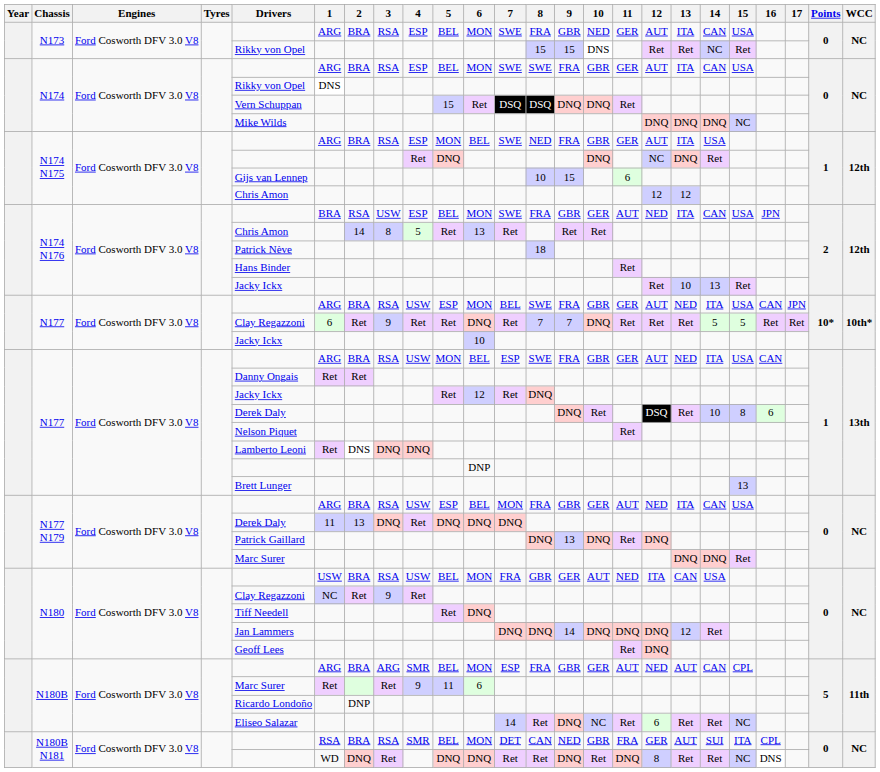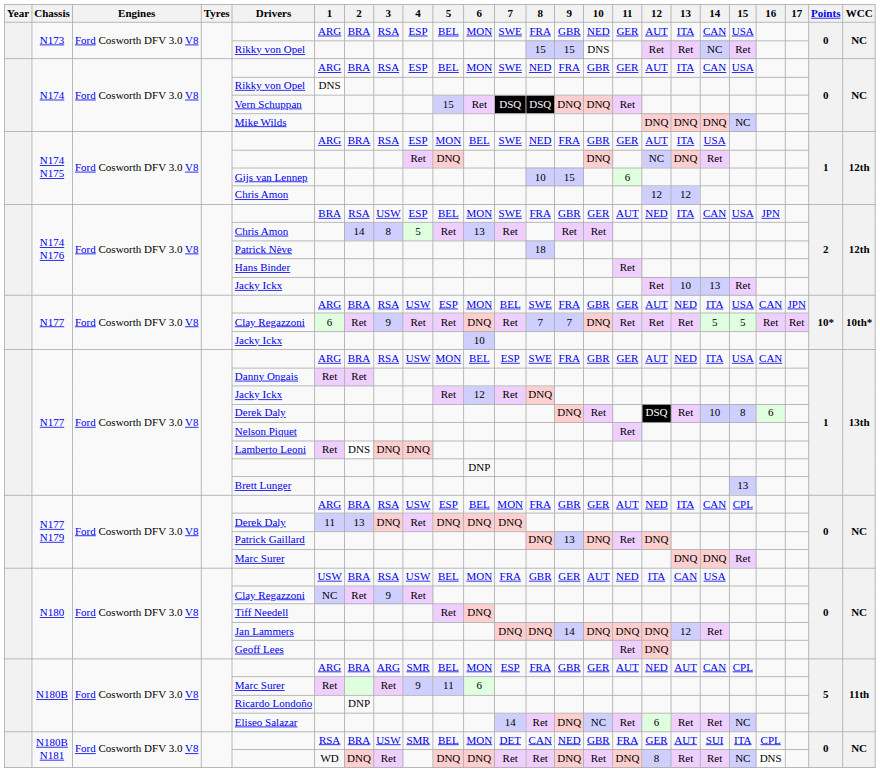 <table class="wikitable" style="text-align:center; font-size:85%">
 <tr>
 <th>Year</th>
 <th>Chassis</th>
 <th>Engines</th>
 <th>Tyres</th>
 <th>Drivers</th>
 <th>1</th>
 <th>2</th>
 <th>3</th>
 <th>4</th>
 <th>5</th>
 <th>6</th>
 <th>7</th>
 <th>8</th>
 <th>9</th>
 <th>10</th>
 <th>11</th>
 <th>12</th>
 <th>13</th>
 <th>14</th>
 <th>15</th>
 <th>16</th>
 <th>17</th>
 <th><a href='#'>Points</a></th>
 <th>WCC</th>
 </tr>
 <tr>
 <th rowspan="2"></th>
 <td rowspan="2"><a href='#'>N173</a></td>
 <td rowspan="2"><a href='#'>Ford</a> Cosworth DFV 3.0 <a href='#'>V8</a></td>
 <td rowspan="2"></td>
 <td></td>
 <td><a href='#'>ARG</a></td>
 <td><a href='#'>BRA</a></td>
 <td><a href='#'>RSA</a></td>
 <td><a href='#'>ESP</a></td>
 <td><a href='#'>BEL</a></td>
 <td><a href='#'>MON</a></td>
 <td><a href='#'>SWE</a></td>
 <td><a href='#'>FRA</a></td>
 <td><a href='#'>GBR</a></td>
 <td><a href='#'>NED</a></td>
 <td><a href='#'>GER</a></td>
 <td><a href='#'>AUT</a></td>
 <td><a href='#'>ITA</a></td>
 <td><a href='#'>CAN</a></td>
 <td><a href='#'>USA</a></td>
 <td></td>
 <td></td>
 <th rowspan="2">0</th>
 <th rowspan="2">NC</th>
 </tr>
 <tr>
 <td align="left"> <a href='#'>Rikky von Opel</a></td>
 <td></td>
 <td></td>
 <td></td>
 <td></td>
 <td></td>
 <td></td>
 <td></td>
 <td style="background:#CFCFFF;">15</td>
 <td style="background:#CFCFFF;">15</td>
 <td style="background:#ffffff;">DNS</td>
 <td></td>
 <td style="background:#EFCFFF;">Ret</td>
 <td style="background:#EFCFFF;">Ret</td>
 <td style="background:#CFCFFF;">NC</td>
 <td style="background:#EFCFFF;">Ret</td>
 <td></td>
 <td></td>
 </tr>
 <tr>
 <th rowspan="4"></th>
 <td rowspan="4"><a href='#'>N174</a></td>
 <td rowspan="4"><a href='#'>Ford</a> Cosworth DFV 3.0 <a href='#'>V8</a></td>
 <td rowspan="4"></td>
 <td></td>
 <td><a href='#'>ARG</a></td>
 <td><a href='#'>BRA</a></td>
 <td><a href='#'>RSA</a></td>
 <td><a href='#'>ESP</a></td>
 <td><a href='#'>BEL</a></td>
 <td><a href='#'>MON</a></td>
 <td><a href='#'>SWE</a></td>
-<td><a href='#'>SWE</a></td>
+<td><a href='#'>NED</a></td>
 <td><a href='#'>FRA</a></td>
 <td><a href='#'>GBR</a></td>
 <td><a href='#'>GER</a></td>
 <td><a href='#'>AUT</a></td>
 <td><a href='#'>ITA</a></td>
 <td><a href='#'>CAN</a></td>
 <td><a href='#'>USA</a></td>
 <td></td>
 <td></td>
 <th rowspan="4">0</th>
 <th rowspan="4">NC</th>
 </tr>
 <tr>
 <td align="left"> <a href='#'>Rikky von Opel</a></td>
 <td style="background:#ffffff;">DNS</td>
 <td></td>
 <td></td>
 <td></td>
 <td></td>
 <td></td>
 <td></td>
 <td></td>
 <td></td>
 <td></td>
 <td></td>
 <td></td>
 <td></td>
 <td></td>
 <td></td>
 <td></td>
 <td></td>
 </tr>
 <tr>
 <td align="left"> <a href='#'>Vern Schuppan</a></td>
 <td></td>
 <td></td>
 <td></td>
 <td></td>
 <td style="background:#CFCFFF;">15</td>
 <td style="background:#EFCFFF;">Ret</td>
 <td style="background:#000000; color:white">DSQ</td>
 <td style="background:#000000; color:white">DSQ</td>
 <td style="background:#FFCFCF;">DNQ</td>
 <td style="background:#FFCFCF;">DNQ</td>
 <td style="background:#EFCFFF;">Ret</td>
 <td></td>
 <td></td>
 <td></td>
 <td></td>
 <td></td>
 <td></td>
 </tr>
 <tr>
 <td align="left"> <a href='#'>Mike Wilds</a></td>
 <td></td>
 <td></td>
 <td></td>
 <td></td>
 <td></td>
 <td></td>
 <td></td>
 <td></td>
 <td></td>
 <td></td>
 <td></td>
 <td style="background:#FFCFCF;">DNQ</td>
 <td style="background:#FFCFCF;">DNQ</td>
 <td style="background:#FFCFCF;">DNQ</td>
 <td style="background:#CFCFFF;">NC</td>
 <td></td>
 <td></td>
 </tr>
 <tr>
 <th rowspan="4"></th>
 <td rowspan="4"><a href='#'>N174</a><br><a href='#'>N175</a></td>
 <td rowspan="4"><a href='#'>Ford</a> Cosworth DFV 3.0 <a href='#'>V8</a></td>
 <td rowspan="4"></td>
 <td></td>
 <td><a href='#'>ARG</a></td>
 <td><a href='#'>BRA</a></td>
 <td><a href='#'>RSA</a></td>
 <td><a href='#'>ESP</a></td>
 <td><a href='#'>MON</a></td>
 <td><a href='#'>BEL</a></td>
 <td><a href='#'>SWE</a></td>
 <td><a href='#'>NED</a></td>
 <td><a href='#'>FRA</a></td>
 <td><a href='#'>GBR</a></td>
 <td><a href='#'>GER</a></td>
 <td><a href='#'>AUT</a></td>
 <td><a href='#'>ITA</a></td>
 <td><a href='#'>USA</a></td>
 <td></td>
 <td></td>
 <td></td>
 <th rowspan="4">1</th>
 <th rowspan="4">12th</th>
 </tr>
 <tr>
 <td align="left"></td>
 <td></td>
 <td></td>
 <td></td>
 <td style="background:#EFCFFF;">Ret</td>
 <td style="background:#FFCFCF;">DNQ</td>
 <td></td>
 <td></td>
 <td></td>
 <td></td>
 <td style="background:#FFCFCF;">DNQ</td>
 <td></td>
 <td style="background:#CFCFFF;">NC</td>
 <td style="background:#FFCFCF;">DNQ</td>
 <td style="background:#EFCFFF;">Ret</td>
 <td></td>
 <td></td>
 <td></td>
 </tr>
 <tr>
 <td align="left"> <a href='#'>Gijs van Lennep</a></td>
 <td></td>
 <td></td>
 <td></td>
 <td></td>
 <td></td>
 <td></td>
 <td></td>
 <td style="background:#CFCFFF;">10</td>
 <td style="background:#CFCFFF;">15</td>
 <td></td>
 <td style="background:#DFFFDF;">6</td>
 <td></td>
 <td></td>
 <td></td>
 <td></td>
 <td></td>
 <td></td>
 </tr>
 <tr>
 <td align="left"> <a href='#'>Chris Amon</a></td>
 <td></td>
 <td></td>
 <td></td>
 <td></td>
 <td></td>
 <td></td>
 <td></td>
 <td></td>
 <td></td>
 <td></td>
 <td></td>
 <td style="background:#CFCFFF;">12</td>
 <td style="background:#CFCFFF;">12</td>
 <td></td>
 <td></td>
 <td></td>
 <td></td>
 </tr>
 <tr>
 <th rowspan="5"></th>
 <td rowspan="5"><a href='#'>N174</a><br><a href='#'>N176</a></td>
 <td rowspan="5"><a href='#'>Ford</a> Cosworth DFV 3.0 <a href='#'>V8</a></td>
 <td rowspan="5"></td>
 <td></td>
 <td><a href='#'>BRA</a></td>
 <td><a href='#'>RSA</a></td>
 <td><a href='#'>USW</a></td>
 <td><a href='#'>ESP</a></td>
 <td><a href='#'>BEL</a></td>
 <td><a href='#'>MON</a></td>
 <td><a href='#'>SWE</a></td>
 <td><a href='#'>FRA</a></td>
 <td><a href='#'>GBR</a></td>
 <td><a href='#'>GER</a></td>
 <td><a href='#'>AUT</a></td>
 <td><a href='#'>NED</a></td>
 <td><a href='#'>ITA</a></td>
 <td><a href='#'>CAN</a></td>
 <td><a href='#'>USA</a></td>
 <td><a href='#'>JPN</a></td>
 <td></td>
 <th rowspan="5">2</th>
 <th rowspan="5">12th</th>
 </tr>
 <tr>
 <td align="left"> <a href='#'>Chris Amon</a></td>
 <td></td>
 <td style="background:#CFCFFF;">14</td>
 <td style="background:#CFCFFF;">8</td>
 <td style="background:#DFFFDF;">5</td>
 <td style="background:#EFCFFF;">Ret</td>
 <td style="background:#CFCFFF;">13</td>
 <td style="background:#EFCFFF;">Ret</td>
 <td></td>
 <td style="background:#EFCFFF;">Ret</td>
 <td style="background:#EFCFFF;">Ret</td>
 <td></td>
 <td></td>
 <td></td>
 <td></td>
 <td></td>
 <td></td>
 <td></td>
 </tr>
 <tr>
 <td align="left"> <a href='#'>Patrick Nève</a></td>
 <td></td>
 <td></td>
 <td></td>
 <td></td>
 <td></td>
 <td></td>
 <td></td>
 <td style="background:#CFCFFF;">18</td>
 <td></td>
 <td></td>
 <td></td>
 <td></td>
 <td></td>
 <td></td>
 <td></td>
 <td></td>
 <td></td>
 </tr>
 <tr>
 <td align="left"> <a href='#'>Hans Binder</a></td>
 <td></td>
 <td></td>
 <td></td>
 <td></td>
 <td></td>
 <td></td>
 <td></td>
 <td></td>
 <td></td>
 <td></td>
 <td style="background:#EFCFFF;">Ret</td>
 <td></td>
 <td></td>
 <td></td>
 <td></td>
 <td></td>
 <td></td>
 </tr>
 <tr>
 <td align="left"> <a href='#'>Jacky Ickx</a></td>
 <td></td>
 <td></td>
 <td></td>
 <td></td>
 <td></td>
 <td></td>
 <td></td>
 <td></td>
 <td></td>
 <td></td>
 <td></td>
 <td style="background:#EFCFFF;">Ret</td>
 <td style="background:#CFCFFF;">10</td>
 <td style="background:#CFCFFF;">13</td>
 <td style="background:#EFCFFF;">Ret</td>
 <td></td>
 <td></td>
 </tr>
 <tr>
 <th rowspan="3"></th>
 <td rowspan="3"><a href='#'>N177</a></td>
 <td rowspan="3"><a href='#'>Ford</a> Cosworth DFV 3.0 <a href='#'>V8</a></td>
 <td rowspan="3"></td>
 <td></td>
 <td><a href='#'>ARG</a></td>
 <td><a href='#'>BRA</a></td>
 <td><a href='#'>RSA</a></td>
 <td><a href='#'>USW</a></td>
 <td><a href='#'>ESP</a></td>
 <td><a href='#'>MON</a></td>
 <td><a href='#'>BEL</a></td>
 <td><a href='#'>SWE</a></td>
 <td><a href='#'>FRA</a></td>
 <td><a href='#'>GBR</a></td>
 <td><a href='#'>GER</a></td>
 <td><a href='#'>AUT</a></td>
 <td><a href='#'>NED</a></td>
 <td><a href='#'>ITA</a></td>
 <td><a href='#'>USA</a></td>
 <td><a href='#'>CAN</a></td>
 <td><a href='#'>JPN</a></td>
 <th rowspan="3">10*</th>
 <th rowspan="3">10th*</th>
 </tr>
 <tr>
 <td align="left"> <a href='#'>Clay Regazzoni</a></td>
 <td style="background:#DFFFDF;">6</td>
 <td style="background:#EFCFFF;">Ret</td>
 <td style="background:#CFCFFF;">9</td>
 <td style="background:#EFCFFF;">Ret</td>
 <td style="background:#EFCFFF;">Ret</td>
 <td style="background:#FFCFCF;">DNQ</td>
 <td style="background:#EFCFFF;">Ret</td>
 <td style="background:#CFCFFF;">7</td>
 <td style="background:#CFCFFF;">7</td>
 <td style="background:#FFCFCF;">DNQ</td>
 <td style="background:#EFCFFF;">Ret</td>
 <td style="background:#EFCFFF;">Ret</td>
 <td style="background:#EFCFFF;">Ret</td>
 <td style="background:#DFFFDF;">5</td>
 <td style="background:#DFFFDF;">5</td>
 <td style="background:#EFCFFF;">Ret</td>
 <td style="background:#EFCFFF;">Ret</td>
 </tr>
 <tr>
 <td align="left"> <a href='#'>Jacky Ickx</a></td>
 <td></td>
 <td></td>
 <td></td>
 <td></td>
 <td></td>
 <td style="background:#CFCFFF;">10</td>
 <td></td>
 <td></td>
 <td></td>
 <td></td>
 <td></td>
 <td></td>
 <td></td>
 <td></td>
 <td></td>
 <td></td>
 <td></td>
 </tr>
 <tr>
 <th rowspan="8"></th>
 <td rowspan="8"><a href='#'>N177</a></td>
 <td rowspan="8"><a href='#'>Ford</a> Cosworth DFV 3.0 <a href='#'>V8</a></td>
 <td rowspan="8"></td>
 <td></td>
 <td><a href='#'>ARG</a></td>
 <td><a href='#'>BRA</a></td>
 <td><a href='#'>RSA</a></td>
 <td><a href='#'>USW</a></td>
 <td><a href='#'>MON</a></td>
 <td><a href='#'>BEL</a></td>
 <td><a href='#'>ESP</a></td>
 <td><a href='#'>SWE</a></td>
 <td><a href='#'>FRA</a></td>
 <td><a href='#'>GBR</a></td>
 <td><a href='#'>GER</a></td>
 <td><a href='#'>AUT</a></td>
 <td><a href='#'>NED</a></td>
 <td><a href='#'>ITA</a></td>
 <td><a href='#'>USA</a></td>
 <td><a href='#'>CAN</a></td>
 <td></td>
 <th rowspan="8">1</th>
 <th rowspan="8">13th</th>
 </tr>
 <tr>
 <td align="left"> <a href='#'>Danny Ongais</a></td>
 <td style="background:#EFCFFF;">Ret</td>
 <td style="background:#EFCFFF;">Ret</td>
 <td></td>
 <td></td>
 <td></td>
 <td></td>
 <td></td>
 <td></td>
 <td></td>
 <td></td>
 <td></td>
 <td></td>
 <td></td>
 <td></td>
 <td></td>
 <td></td>
 <td></td>
 </tr>
 <tr>
 <td align="left"> <a href='#'>Jacky Ickx</a></td>
 <td></td>
 <td></td>
 <td></td>
 <td></td>
 <td style="background:#EFCFFF;">Ret</td>
 <td style="background:#CFCFFF;">12</td>
 <td style="background:#EFCFFF;">Ret</td>
 <td style="background:#FFCFCF;">DNQ</td>
 <td></td>
 <td></td>
 <td></td>
 <td></td>
 <td></td>
 <td></td>
 <td></td>
 <td></td>
 <td></td>
 </tr>
 <tr>
 <td align="left"> <a href='#'>Derek Daly</a></td>
 <td></td>
 <td></td>
 <td></td>
 <td></td>
 <td></td>
 <td></td>
 <td></td>
 <td></td>
 <td style="background:#FFCFCF;">DNQ</td>
 <td style="background:#EFCFFF;">Ret</td>
 <td></td>
 <td style="background:#000000; color:white">DSQ</td>
 <td style="background:#EFCFFF;">Ret</td>
 <td style="background:#CFCFFF;">10</td>
 <td style="background:#CFCFFF;">8</td>
 <td style="background:#DFFFDF;">6</td>
 <td></td>
 </tr>
 <tr>
 <td align="left"> <a href='#'>Nelson Piquet</a></td>
 <td></td>
 <td></td>
 <td></td>
 <td></td>
 <td></td>
 <td></td>
 <td></td>
 <td></td>
 <td></td>
 <td></td>
 <td style="background:#EFCFFF;">Ret</td>
 <td></td>
 <td></td>
 <td></td>
 <td></td>
 <td></td>
 <td></td>
 </tr>
 <tr>
 <td align="left"> <a href='#'>Lamberto Leoni</a></td>
 <td style="background:#EFCFFF;">Ret</td>
 <td style="background:#ffffff;">DNS</td>
 <td style="background:#FFCFCF;">DNQ</td>
 <td style="background:#FFCFCF;">DNQ</td>
 <td></td>
 <td></td>
 <td></td>
 <td></td>
 <td></td>
 <td></td>
 <td></td>
 <td></td>
 <td></td>
 <td></td>
 <td></td>
 <td></td>
 <td></td>
 </tr>
 <tr>
 <td align="left"></td>
 <td></td>
 <td></td>
 <td></td>
 <td></td>
 <td></td>
 <td>DNP</td>
 <td></td>
 <td></td>
 <td></td>
 <td></td>
 <td></td>
 <td></td>
 <td></td>
 <td></td>
 <td></td>
 <td></td>
 <td></td>
 </tr>
 <tr>
 <td align="left"> <a href='#'>Brett Lunger</a></td>
 <td></td>
 <td></td>
 <td></td>
 <td></td>
 <td></td>
 <td></td>
 <td></td>
 <td></td>
 <td></td>
 <td></td>
 <td></td>
 <td></td>
 <td></td>
 <td></td>
 <td style="background:#CFCFFF;">13</td>
 <td></td>
 <td></td>
 </tr>
 <tr>
 <th rowspan="4"></th>
 <td rowspan="4"><a href='#'>N177</a><br><a href='#'>N179</a></td>
 <td rowspan="4"><a href='#'>Ford</a> Cosworth DFV 3.0 <a href='#'>V8</a></td>
 <td rowspan="4"></td>
 <td></td>
 <td><a href='#'>ARG</a></td>
 <td><a href='#'>BRA</a></td>
 <td><a href='#'>RSA</a></td>
 <td><a href='#'>USW</a></td>
 <td><a href='#'>ESP</a></td>
 <td><a href='#'>BEL</a></td>
 <td><a href='#'>MON</a></td>
 <td><a href='#'>FRA</a></td>
 <td><a href='#'>GBR</a></td>
 <td><a href='#'>GER</a></td>
 <td><a href='#'>AUT</a></td>
 <td><a href='#'>NED</a></td>
 <td><a href='#'>ITA</a></td>
 <td><a href='#'>CAN</a></td>
-<td><a href='#'>USA</a></td>
+<td><a href='#'>CPL</a></td>
 <td></td>
 <td></td>
 <th rowspan="4">0</th>
 <th rowspan="4">NC</th>
 </tr>
 <tr>
 <td align="left"> <a href='#'>Derek Daly</a></td>
 <td style="background:#CFCFFF;">11</td>
 <td style="background:#CFCFFF;">13</td>
 <td style="background:#FFCFCF;">DNQ</td>
 <td style="background:#EFCFFF;">Ret</td>
 <td style="background:#FFCFCF;">DNQ</td>
 <td style="background:#FFCFCF;">DNQ</td>
 <td style="background:#FFCFCF;">DNQ</td>
 <td></td>
 <td></td>
 <td></td>
 <td></td>
 <td></td>
 <td></td>
 <td></td>
 <td></td>
 <td></td>
 <td></td>
 </tr>
 <tr>
 <td align="left"> <a href='#'>Patrick Gaillard</a></td>
 <td></td>
 <td></td>
 <td></td>
 <td></td>
 <td></td>
 <td></td>
 <td></td>
 <td style="background:#FFCFCF;">DNQ</td>
 <td style="background:#CFCFFF;">13</td>
 <td style="background:#FFCFCF;">DNQ</td>
 <td style="background:#EFCFFF;">Ret</td>
 <td style="background:#FFCFCF;">DNQ</td>
 <td></td>
 <td></td>
 <td></td>
 <td></td>
 <td></td>
 </tr>
 <tr>
 <td align="left"> <a href='#'>Marc Surer</a></td>
 <td></td>
 <td></td>
 <td></td>
 <td></td>
 <td></td>
 <td></td>
 <td></td>
 <td></td>
 <td></td>
 <td></td>
 <td></td>
 <td></td>
 <td style="background:#FFCFCF;">DNQ</td>
 <td style="background:#FFCFCF;">DNQ</td>
 <td style="background:#EFCFFF;">Ret</td>
 <td></td>
 <td></td>
 </tr>
 <tr>
 <th rowspan="5"></th>
 <td rowspan="5"><a href='#'>N180</a></td>
 <td rowspan="5"><a href='#'>Ford</a> Cosworth DFV 3.0 <a href='#'>V8</a></td>
 <td rowspan="5"></td>
 <td></td>
 <td><a href='#'>USW</a></td>
 <td><a href='#'>BRA</a></td>
 <td><a href='#'>RSA</a></td>
 <td><a href='#'>USW</a></td>
 <td><a href='#'>BEL</a></td>
 <td><a href='#'>MON</a></td>
 <td><a href='#'>FRA</a></td>
 <td><a href='#'>GBR</a></td>
 <td><a href='#'>GER</a></td>
 <td><a href='#'>AUT</a></td>
 <td><a href='#'>NED</a></td>
 <td><a href='#'>ITA</a></td>
 <td><a href='#'>CAN</a></td>
 <td><a href='#'>USA</a></td>
 <td></td>
 <td></td>
 <td></td>
 <th rowspan="5">0</th>
 <th rowspan="5">NC</th>
 </tr>
 <tr>
 <td align="left"> <a href='#'>Clay Regazzoni</a></td>
 <td style="background:#CFCFFF;">NC</td>
 <td style="background:#EFCFFF;">Ret</td>
 <td style="background:#CFCFFF;">9</td>
 <td style="background:#EFCFFF;">Ret</td>
 <td></td>
 <td></td>
 <td></td>
 <td></td>
 <td></td>
 <td></td>
 <td></td>
 <td></td>
 <td></td>
 <td></td>
 <td></td>
 <td></td>
 <td></td>
 </tr>
 <tr>
 <td align="left"> <a href='#'>Tiff Needell</a></td>
 <td></td>
 <td></td>
 <td></td>
 <td></td>
 <td style="background:#EFCFFF;">Ret</td>
 <td style="background:#FFCFCF;">DNQ</td>
 <td></td>
 <td></td>
 <td></td>
 <td></td>
 <td></td>
 <td></td>
 <td></td>
 <td></td>
 <td></td>
 <td></td>
 <td></td>
 </tr>
 <tr>
 <td align="left"> <a href='#'>Jan Lammers</a></td>
 <td></td>
 <td></td>
 <td></td>
 <td></td>
 <td></td>
 <td></td>
 <td style="background:#FFCFCF;">DNQ</td>
 <td style="background:#FFCFCF;">DNQ</td>
 <td style="background:#CFCFFF;">14</td>
 <td style="background:#FFCFCF;">DNQ</td>
 <td style="background:#FFCFCF;">DNQ</td>
 <td style="background:#FFCFCF;">DNQ</td>
 <td style="background:#CFCFFF;">12</td>
 <td style="background:#EFCFFF;">Ret</td>
 <td></td>
 <td></td>
 <td></td>
 </tr>
 <tr>
 <td align="left"> <a href='#'>Geoff Lees</a></td>
 <td></td>
 <td></td>
 <td></td>
 <td></td>
 <td></td>
 <td></td>
 <td></td>
 <td></td>
 <td></td>
 <td></td>
 <td style="background:#EFCFFF;">Ret</td>
 <td style="background:#FFCFCF;">DNQ</td>
 <td></td>
 <td></td>
 <td></td>
 <td></td>
 <td></td>
 </tr>
 <tr>
 <th rowspan="4"></th>
 <td rowspan="4"><a href='#'>N180B</a></td>
 <td rowspan="4"><a href='#'>Ford</a> Cosworth DFV 3.0 <a href='#'>V8</a></td>
 <td rowspan="4"><br></td>
 <td></td>
 <td><a href='#'>ARG</a></td>
 <td><a href='#'>BRA</a></td>
 <td><a href='#'>ARG</a></td>
 <td><a href='#'>SMR</a></td>
 <td><a href='#'>BEL</a></td>
 <td><a href='#'>MON</a></td>
 <td><a href='#'>ESP</a></td>
 <td><a href='#'>FRA</a></td>
 <td><a href='#'>GBR</a></td>
 <td><a href='#'>GER</a></td>
 <td><a href='#'>AUT</a></td>
 <td><a href='#'>NED</a></td>
 <td><a href='#'>AUT</a></td>
 <td><a href='#'>CAN</a></td>
 <td><a href='#'>CPL</a></td>
 <td></td>
 <td></td>
 <th rowspan="4">5</th>
 <th rowspan="4">11th</th>
 </tr>
 <tr>
 <td align="left"> <a href='#'>Marc Surer</a></td>
 <td style="background:#EFCFFF;">Ret</td>
 <td style="background:#DFFFDF;"></td>
 <td style="background:#EFCFFF;">Ret</td>
 <td style="background:#CFCFFF;">9</td>
 <td style="background:#CFCFFF;">11</td>
 <td style="background:#DFFFDF;">6</td>
 <td></td>
 <td></td>
 <td></td>
 <td></td>
 <td></td>
 <td></td>
 <td></td>
 <td></td>
 <td></td>
 <td></td>
 <td></td>
 </tr>
 <tr>
 <td align="left"> <a href='#'>Ricardo Londoño</a></td>
 <td></td>
 <td>DNP</td>
 <td></td>
 <td></td>
 <td></td>
 <td></td>
 <td></td>
 <td></td>
 <td></td>
 <td></td>
 <td></td>
 <td></td>
 <td></td>
 <td></td>
 <td></td>
 <td></td>
 <td></td>
 </tr>
 <tr>
 <td align="left"> <a href='#'>Eliseo Salazar</a></td>
 <td></td>
 <td></td>
 <td></td>
 <td></td>
 <td></td>
 <td></td>
 <td style="background:#CFCFFF;">14</td>
 <td style="background:#EFCFFF;">Ret</td>
 <td style="background:#FFCFCF;">DNQ</td>
 <td style="background:#CFCFFF;">NC</td>
 <td style="background:#EFCFFF;">Ret</td>
 <td style="background:#DFFFDF;">6</td>
 <td style="background:#EFCFFF;">Ret</td>
 <td style="background:#EFCFFF;">Ret</td>
 <td style="background:#CFCFFF;">NC</td>
 <td></td>
 <td></td>
 </tr>
 <tr>
 <th rowspan="2"></th>
 <td rowspan="2"><a href='#'>N180B</a><br><a href='#'>N181</a></td>
 <td rowspan="2"><a href='#'>Ford</a> Cosworth DFV 3.0 <a href='#'>V8</a></td>
 <td rowspan="2"><br></td>
 <td></td>
 <td><a href='#'>RSA</a></td>
 <td><a href='#'>BRA</a></td>
-<td><a href='#'>RSA</a></td>
+<td><a href='#'>USW</a></td>
 <td><a href='#'>SMR</a></td>
 <td><a href='#'>BEL</a></td>
 <td><a href='#'>MON</a></td>
 <td><a href='#'>DET</a></td>
 <td><a href='#'>CAN</a></td>
 <td><a href='#'>NED</a></td>
 <td><a href='#'>GBR</a></td>
 <td><a href='#'>FRA</a></td>
 <td><a href='#'>GER</a></td>
 <td><a href='#'>AUT</a></td>
 <td><a href='#'>SUI</a></td>
 <td><a href='#'>ITA</a></td>
 <td><a href='#'>CPL</a></td>
 <td></td>
 <th rowspan="2">0</th>
 <th rowspan="2">NC</th>
 </tr>
 <tr>
 <td align="left"></td>
 <td>WD</td>
 <td style="background:#FFCFCF;">DNQ</td>
 <td style="background:#EFCFFF;">Ret</td>
 <td></td>
 <td style="background:#FFCFCF;">DNQ</td>
 <td style="background:#FFCFCF;">DNQ</td>
 <td style="background:#EFCFFF;">Ret</td>
 <td style="background:#EFCFFF;">Ret</td>
 <td style="background:#FFCFCF;">DNQ</td>
 <td style="background:#EFCFFF;">Ret</td>
 <td style="background:#FFCFCF;">DNQ</td>
 <td style="background:#CFCFFF;">8</td>
 <td style="background:#EFCFFF;">Ret</td>
 <td style="background:#EFCFFF;">Ret</td>
 <td style="background:#CFCFFF;">NC</td>
 <td style="background:#ffffff;">DNS</td>
 <td></td>
 </tr>
 </table>
